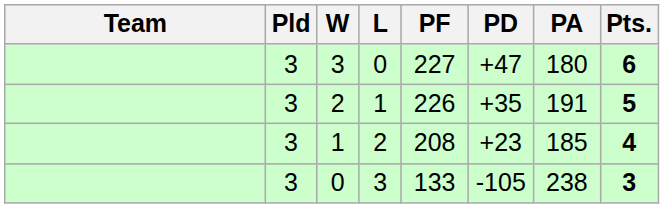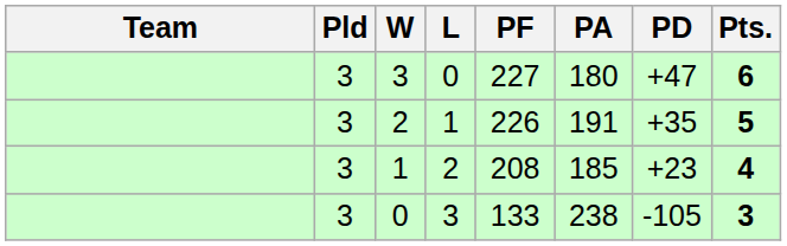 <table class=wikitable style="text-align:center">
 <tr>
 <th width=160>Team</th>
 <th width=20>Pld</th>
 <th width=20>W</th>
 <th width=20>L</th>
 <th width=35>PF</th>
+<th width=35>PA</th>
 <th width=35>PD</th>
-<th width=35>PA</th>
 <th width=30>Pts.</th>
 </tr>
 <tr align="center" bgcolor="#CCFFCC">
 <td align=left></td>
 <td>3</td>
 <td>3</td>
 <td>0</td>
 <td>227</td>
+<td>180</td>
 <td>+47</td>
-<td>180</td>
 <td><strong>6</strong></td>
 </tr>
 <tr align="center" bgcolor="#CCFFCC">
 <td align=left></td>
 <td>3</td>
 <td>2</td>
 <td>1</td>
 <td>226</td>
+<td>191</td>
 <td>+35</td>
-<td>191</td>
 <td><strong>5</strong></td>
 </tr>
 <tr align="center" bgcolor="#CCFFCC">
 <td align=left></td>
 <td>3</td>
 <td>1</td>
 <td>2</td>
 <td>208</td>
+<td>185</td>
 <td>+23</td>
-<td>185</td>
 <td><strong>4</strong></td>
 </tr>
 <tr align="center" bgcolor="#CCFFCC">
 <td align=left></td>
 <td>3</td>
 <td>0</td>
 <td>3</td>
 <td>133</td>
+<td>238</td>
 <td>-105</td>
-<td>238</td>
 <td><strong>3</strong></td>
 </tr>
 </table>
